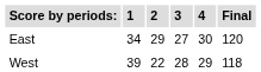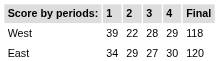 <table cellpadding=5>
 <tr bgcolor="#dddddd">
 <td><strong>Score by periods:</strong></td>
 <td><strong>1</strong></td>
 <td><strong>2</strong></td>
 <td><strong>3</strong></td>
 <td><strong>4</strong></td>
 <td><strong>Final</strong></td>
 </tr>
 <tr>
+<td>West</td>
+<td>39</td>
+<td>22</td>
+<td>28</td>
+<td>29</td>
+<td>118</td>
+</tr>
+<tr>
 <td>East</td>
 <td>34</td>
 <td>29</td>
 <td>27</td>
 <td>30</td>
 <td>120</td>
 </tr>
 <tr>
-<td>West</td>
-<td>39</td>
-<td>22</td>
-<td>28</td>
-<td>29</td>
-<td>118</td>
-</tr>
-<tr>
 </tr>
 </table>
